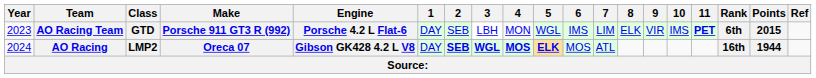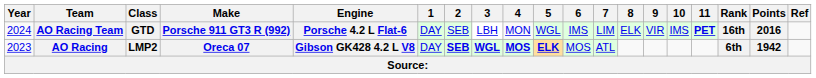 <table class="wikitable" style="text-align:center; font-size:90%">
 <tr>
 <th>Year</th>
 <th>Team</th>
 <th>Class</th>
 <th>Make</th>
 <th>Engine</th>
 <th>1</th>
 <th>2</th>
 <th>3</th>
 <th>4</th>
 <th>5</th>
 <th>6</th>
 <th>7</th>
 <th>8</th>
 <th>9</th>
 <th>10</th>
 <th>11</th>
 <th>Rank</th>
 <th>Points</th>
 <th>Ref</th>
 </tr>
 <tr>
-<td><a href='#'>2023</a></td>
+<td><a href='#'>2024</a></td>
 <th><a href='#'>AO Racing Team</a></th>
 <th>GTD</th>
 <th><a href='#'>Porsche 911 GT3 R (992)</a></th>
 <th><a href='#'>Porsche</a> 4.2 L <a href='#'>Flat-6</a></th>
 <td style="background:#DFFFDF;"><a href='#'>DAY</a><br></td>
 <td style="background:#DFFFDF;"><a href='#'>SEB</a><br></td>
 <td style="background:#ffffff;”"><a href='#'>LBH</a><br></td>
 <td style="background:#;”"><a href='#'>MON</a><br></td>
 <td style="background:#DFFFDF;"><a href='#'>WGL</a><br></td>
 <td style="background:#DFFFDF;"><a href='#'>IMS</a><br></td>
 <td style="background:#DFFFDF;"><a href='#'>LIM</a><br></td>
 <td style="background:#DFFFDF;"><a href='#'>ELK</a><br></td>
 <td style="background:#DFFFDF;"><a href='#'>VIR</a><br></td>
 <td style="background:#DFFFDF;"><a href='#'>IMS</a><br></td>
 <td style="background:#DFFFDF;"><strong><a href='#'>PET</a><br></strong></td>
-<th>6th</th>
-<th>2015</th>
+<th>16th</th>
+<th>2016</th>
 <td></td>
 </tr>
 <tr>
-<td><a href='#'>2024</a></td>
+<td><a href='#'>2023</a></td>
 <th><a href='#'>AO Racing</a></th>
 <th>LMP2</th>
 <th><a href='#'>Oreca 07</a></th>
 <th><a href='#'>Gibson</a> GK428 4.2 L <a href='#'>V8</a></th>
 <td style="background:#DFFFDF;"><a href='#'>DAY</a><br></td>
 <td style="background:#DFFFDF;"><strong><a href='#'>SEB</a></strong><br></td>
 <td style="background:#DFFFDF;"><strong><a href='#'>WGL</a></strong><br></td>
 <td style="background:#DFFFDF;"><strong><a href='#'>MOS</a></strong><br></td>
 <td style="background:#FFDF9F;"><strong><a href='#'>ELK</a></strong><br></td>
 <td style="background:#DFFFDF;"><a href='#'>MOS</a><br></td>
 <td style="background:#DFFFDF;"><a href='#'>ATL</a><br></td>
 <td></td>
 <td></td>
 <td></td>
 <td></td>
-<th>16th</th>
-<th>1944</th>
+<th>6th</th>
+<th>1942</th>
 <td></td>
 </tr>
 <tr>
 <th colspan="19">Source:</th>
 </tr>
 </table>
